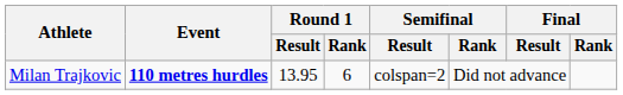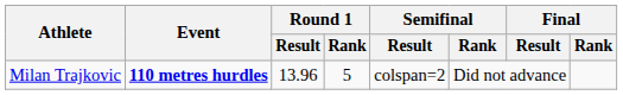 <table class=wikitable style="font-size:90%">
 <tr>
 <th rowspan="2">Athlete</th>
 <th rowspan="2">Event</th>
 <th colspan="2">Round 1</th>
 <th colspan="2">Semifinal</th>
 <th colspan="2">Final</th>
 </tr>
 <tr style="font-size:95%">
 <th>Result</th>
 <th>Rank</th>
 <th>Result</th>
 <th>Rank</th>
 <th>Result</th>
 <th>Rank</th>
 </tr>
 <tr align=center>
 <td align=left><a href='#'>Milan Trajkovic</a></td>
 <td align=left><strong><a href='#'>110 metres hurdles</a></strong></td>
-<td>13.95</td>
-<td>6</td>
+<td>13.96</td>
+<td>5</td>
 <td>colspan=2 </td>
 <td colspan="2">Did not advance</td>
 </tr>
 </table>
